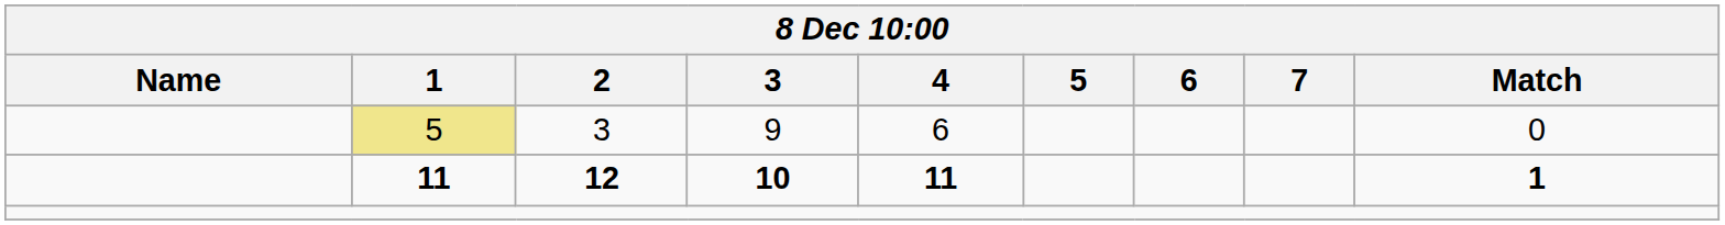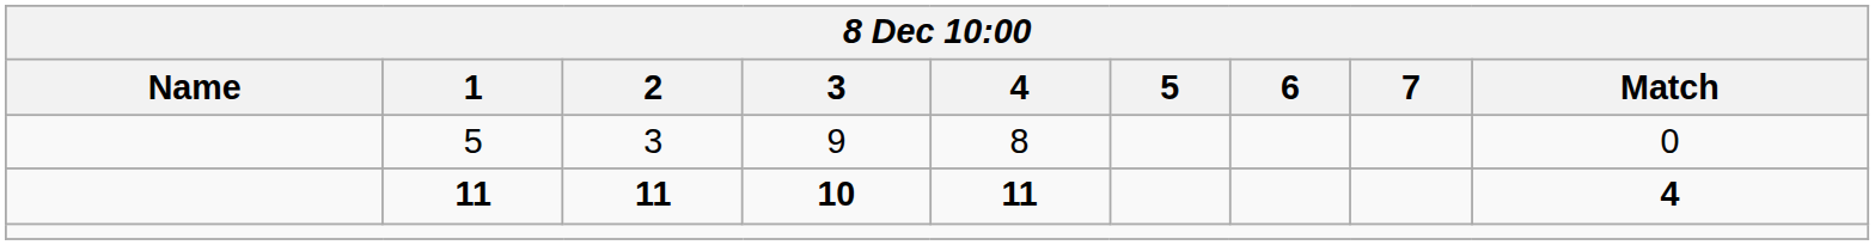 <table class=wikitable style="text-align:center; width: 55%">
 <tr>
 <th colspan=17><em> 8 Dec 10:00</em></th>
 </tr>
 <tr>
 <th>Name</th>
 <th>1</th>
 <th>2</th>
 <th>3</th>
 <th>4</th>
 <th>5</th>
 <th>6</th>
 <th>7</th>
 <th>Match</th>
 </tr>
 <tr>
 <td style="text-align:left;"></td>
-<td style="background: khaki;">5</td>
+<td>5</td>
 <td>3</td>
 <td>9</td>
-<td>6</td>
+<td>8</td>
 <td></td>
 <td></td>
 <td></td>
 <td>0</td>
 </tr>
 <tr>
 <td style="text-align:left;"><strong></strong></td>
 <td><strong>11</strong></td>
-<td><strong>12</strong></td>
+<td><strong>11</strong></td>
 <td><strong>10</strong></td>
 <td><strong>11</strong></td>
 <td></td>
 <td></td>
 <td></td>
-<td><strong>1</strong></td>
+<td><strong>4</strong></td>
 </tr>
 <tr>
 <td colspan=17></td>
 </tr>
 </table>
